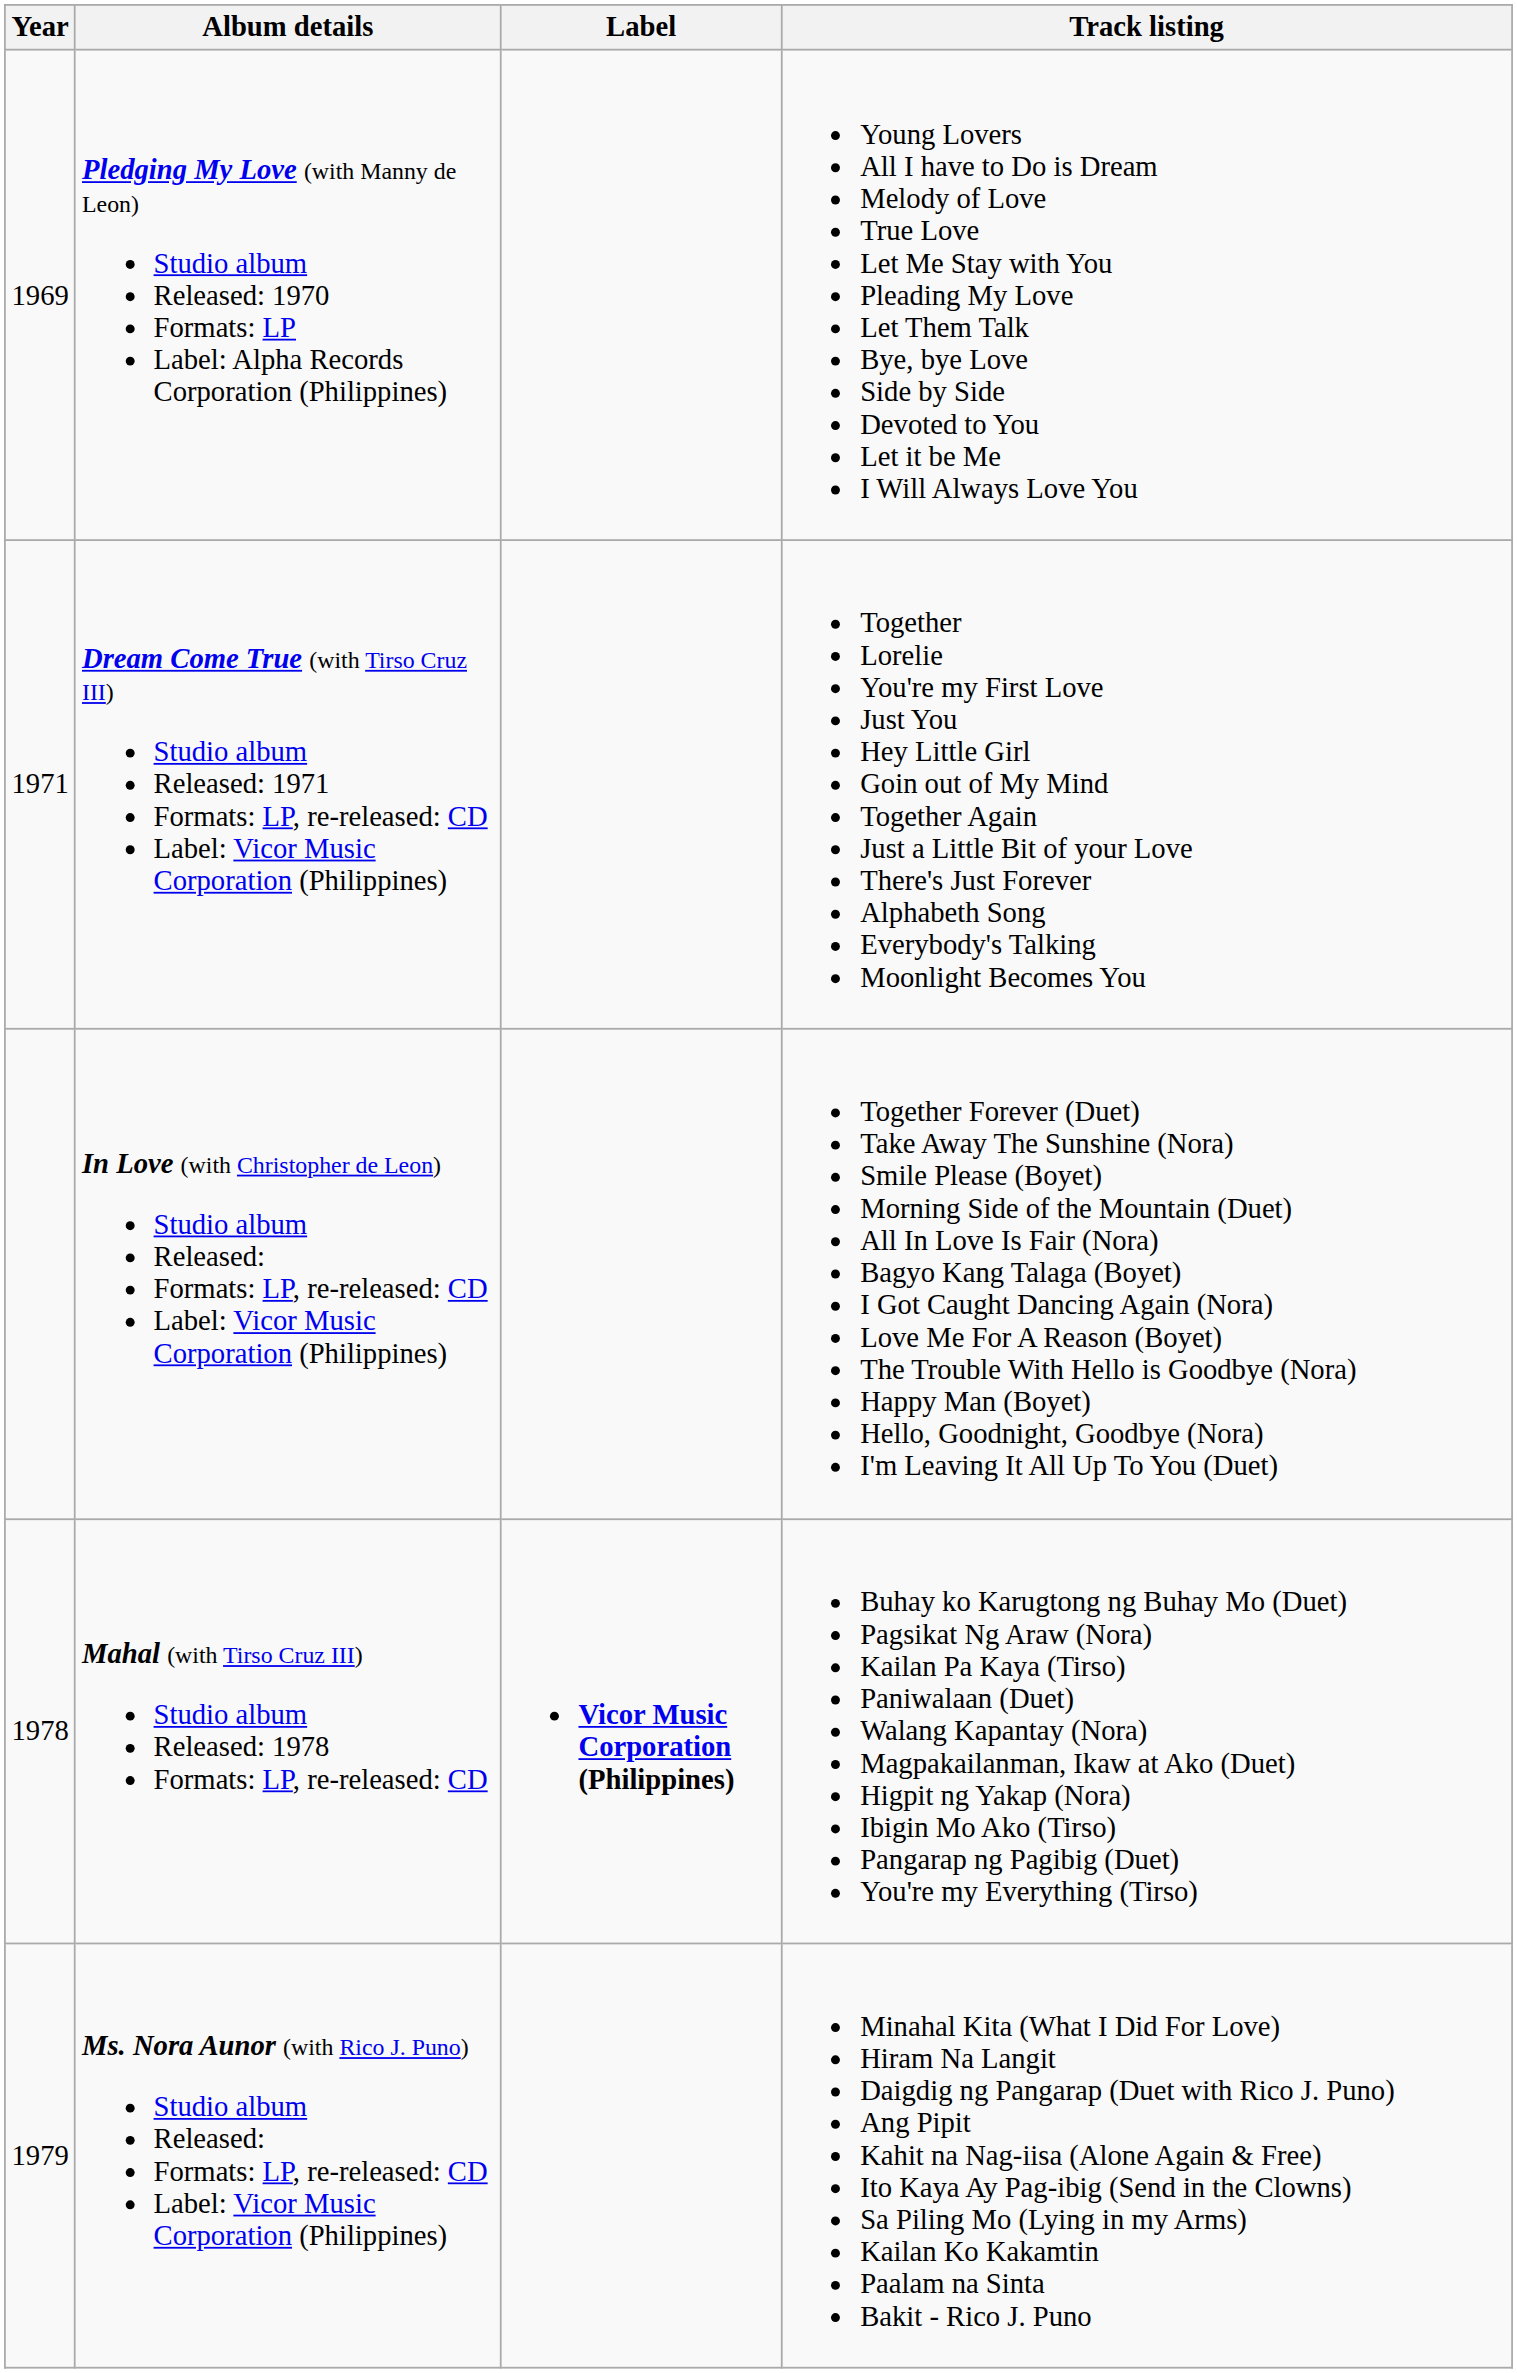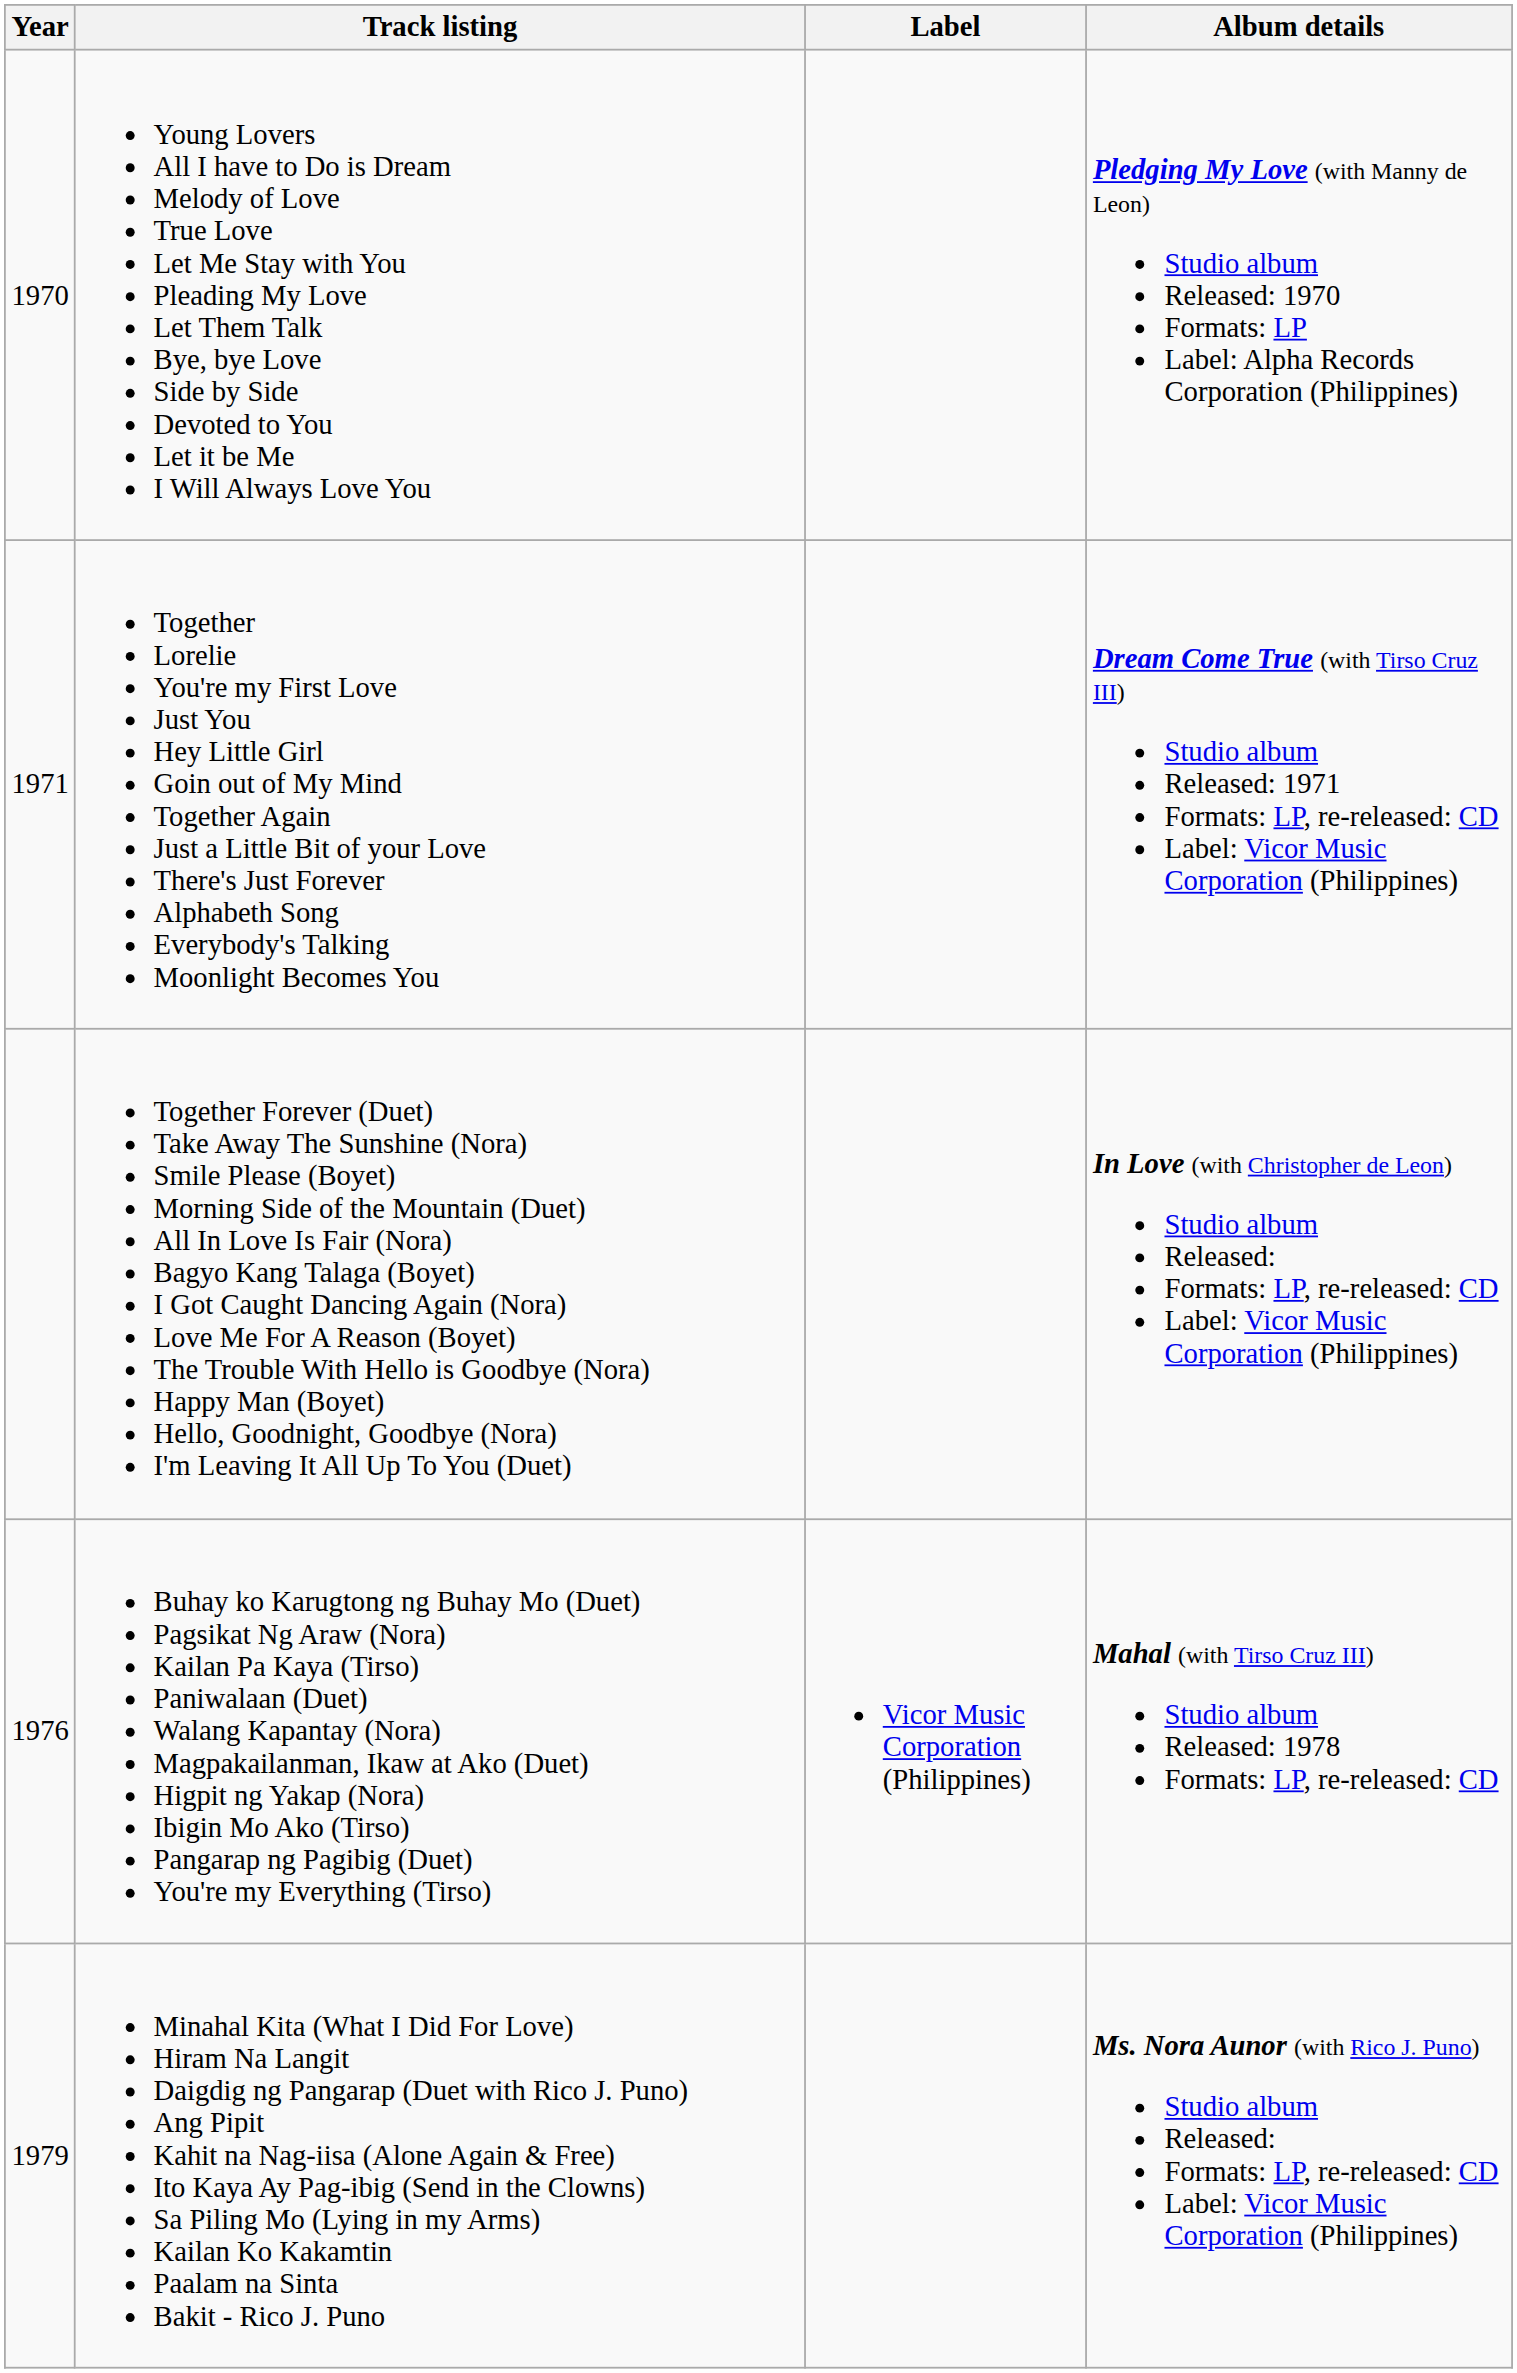 <table class="wikitable">
 <tr>
 <th>Year</th>
+<th width=400>Track listing</th>
+<th width=150>Label</th>
 <th width=230>Album details</th>
-<th width=150>Label</th>
-<th width=400>Track listing</th>
 </tr>
 <tr>
-<td>1969</td>
+<td>1970</td>
+<td><br><ul><li>Young Lovers</li><li>All I have to Do is Dream</li><li>Melody of Love</li><li>True Love</li><li>Let Me Stay with You</li><li>Pleading My Love</li><li>Let Them Talk</li><li>Bye, bye Love</li><li>Side by Side</li><li>Devoted to You</li><li>Let it be Me</li><li>I Will Always Love You</li></ul></td>
+<td></td>
 <td><strong><em><a href='#'>Pledging My Love</a></em></strong>  <small>(with Manny de Leon)</small><br><ul><li><a href='#'>Studio album</a></li><li>Released:  1970</li><li>Formats: <a href='#'>LP</a></li><li>Label: Alpha Records Corporation (Philippines)</li></ul></td>
-<td></td>
-<td><br><ul><li>Young Lovers</li><li>All I have to Do is Dream</li><li>Melody of Love</li><li>True Love</li><li>Let Me Stay with You</li><li>Pleading My Love</li><li>Let Them Talk</li><li>Bye, bye Love</li><li>Side by Side</li><li>Devoted to You</li><li>Let it be Me</li><li>I Will Always Love You</li></ul></td>
 </tr>
 <tr>
 <td>1971</td>
+<td><br><ul><li>Together</li><li>Lorelie</li><li>You're my First Love</li><li>Just You</li><li>Hey Little Girl</li><li>Goin out of My Mind</li><li>Together Again</li><li>Just a Little Bit of your Love</li><li>There's Just Forever</li><li>Alphabeth Song</li><li>Everybody's Talking</li><li>Moonlight Becomes You</li></ul></td>
+<td></td>
 <td><strong><em><a href='#'>Dream Come True</a></em></strong>  <small>(with <a href='#'>Tirso Cruz III</a>)</small><br><ul><li><a href='#'>Studio album</a></li><li>Released: 1971</li><li>Formats: <a href='#'>LP</a>, re-released: <a href='#'>CD</a></li><li>Label: <a href='#'>Vicor Music Corporation</a> (Philippines)</li></ul></td>
-<td></td>
-<td><br><ul><li>Together</li><li>Lorelie</li><li>You're my First Love</li><li>Just You</li><li>Hey Little Girl</li><li>Goin out of My Mind</li><li>Together Again</li><li>Just a Little Bit of your Love</li><li>There's Just Forever</li><li>Alphabeth Song</li><li>Everybody's Talking</li><li>Moonlight Becomes You</li></ul></td>
 </tr>
 <tr>
 <td></td>
+<td><br><ul><li>Together Forever (Duet)</li><li>Take Away The Sunshine (Nora)</li><li>Smile Please (Boyet)</li><li>Morning Side of the Mountain (Duet)</li><li>All In Love Is Fair (Nora)</li><li>Bagyo Kang Talaga (Boyet)</li><li>I Got Caught Dancing Again (Nora)</li><li>Love Me For A Reason (Boyet)</li><li>The Trouble With Hello is Goodbye (Nora)</li><li>Happy Man (Boyet)</li><li>Hello, Goodnight, Goodbye (Nora)</li><li>I'm Leaving It All Up To You (Duet)</li></ul></td>
+<td></td>
 <td><strong><em>In Love</em></strong>  <small>(with <a href='#'>Christopher de Leon</a>)</small><br><ul><li><a href='#'>Studio album</a></li><li>Released:</li><li>Formats: <a href='#'>LP</a>, re-released:  <a href='#'>CD</a></li><li>Label: <a href='#'>Vicor Music Corporation</a> (Philippines)</li></ul></td>
-<td></td>
-<td><br><ul><li>Together Forever (Duet)</li><li>Take Away The Sunshine (Nora)</li><li>Smile Please (Boyet)</li><li>Morning Side of the Mountain (Duet)</li><li>All In Love Is Fair (Nora)</li><li>Bagyo Kang Talaga (Boyet)</li><li>I Got Caught Dancing Again (Nora)</li><li>Love Me For A Reason (Boyet)</li><li>The Trouble With Hello is Goodbye (Nora)</li><li>Happy Man (Boyet)</li><li>Hello, Goodnight, Goodbye (Nora)</li><li>I'm Leaving It All Up To You (Duet)</li></ul></td>
 </tr>
 <tr>
-<td>1978</td>
+<td>1976</td>
+<td><br><ul><li>Buhay ko Karugtong ng Buhay Mo (Duet)</li><li>Pagsikat Ng Araw (Nora)</li><li>Kailan Pa Kaya (Tirso)</li><li>Paniwalaan (Duet)</li><li>Walang Kapantay (Nora)</li><li>Magpakailanman, Ikaw at Ako (Duet)</li><li>Higpit ng Yakap (Nora)</li><li>Ibigin Mo Ako (Tirso)</li><li>Pangarap ng Pagibig (Duet)</li><li>You're my Everything (Tirso)</li></ul></td>
+<td><br><ul><li><a href='#'>Vicor Music Corporation</a> (Philippines)</li></ul></td>
 <td><strong><em>Mahal</em></strong>  <small>(with <a href='#'>Tirso Cruz III</a>)</small><br><ul><li><a href='#'>Studio album</a></li><li>Released:  1978</li><li>Formats: <a href='#'>LP</a>, re-released:  <a href='#'>CD</a></li></ul></td>
-<td><strong><br><ul><li><a href='#'>Vicor Music Corporation</a> (Philippines)</li></ul></strong></td>
-<td><br><ul><li>Buhay ko Karugtong ng Buhay Mo (Duet)</li><li>Pagsikat Ng Araw (Nora)</li><li>Kailan Pa Kaya (Tirso)</li><li>Paniwalaan (Duet)</li><li>Walang Kapantay (Nora)</li><li>Magpakailanman, Ikaw at Ako (Duet)</li><li>Higpit ng Yakap (Nora)</li><li>Ibigin Mo Ako (Tirso)</li><li>Pangarap ng Pagibig (Duet)</li><li>You're my Everything (Tirso)</li></ul></td>
 </tr>
 <tr>
 <td>1979</td>
+<td><br><ul><li>Minahal Kita (What I Did For Love)</li><li>Hiram Na Langit</li><li>Daigdig ng Pangarap (Duet with Rico J. Puno)</li><li>Ang Pipit</li><li>Kahit na Nag-iisa (Alone Again & Free)</li><li>Ito Kaya Ay Pag-ibig (Send in the Clowns)</li><li>Sa Piling Mo (Lying in my Arms)</li><li>Kailan Ko Kakamtin</li><li>Paalam na Sinta</li><li>Bakit - Rico J. Puno</li></ul></td>
+<td></td>
 <td><strong><em>Ms. Nora Aunor</em></strong>  <small>(with <a href='#'>Rico J. Puno</a>)</small><br><ul><li><a href='#'>Studio album</a></li><li>Released:</li><li>Formats: <a href='#'>LP</a>, re-released:  <a href='#'>CD</a></li><li>Label: <a href='#'>Vicor Music Corporation</a> (Philippines)</li></ul></td>
-<td></td>
-<td><br><ul><li>Minahal Kita (What I Did For Love)</li><li>Hiram Na Langit</li><li>Daigdig ng Pangarap (Duet with Rico J. Puno)</li><li>Ang Pipit</li><li>Kahit na Nag-iisa (Alone Again & Free)</li><li>Ito Kaya Ay Pag-ibig (Send in the Clowns)</li><li>Sa Piling Mo (Lying in my Arms)</li><li>Kailan Ko Kakamtin</li><li>Paalam na Sinta</li><li>Bakit - Rico J. Puno</li></ul></td>
 </tr>
 </table>
